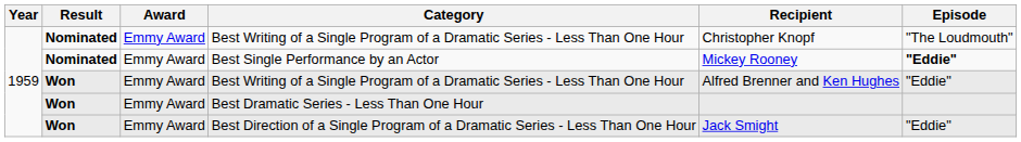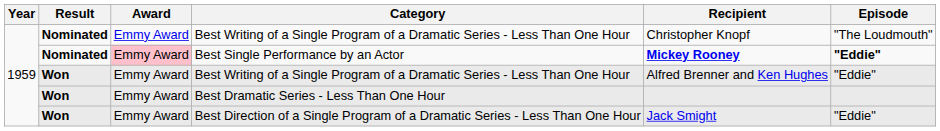 <table class="wikitable">
 <tr>
 <th>Year</th>
 <th>Result</th>
 <th>Award</th>
 <th>Category</th>
 <th>Recipient</th>
 <th>Episode</th>
 </tr>
 <tr>
 <td rowspan=5>1959</td>
 <td><strong>Nominated</strong></td>
 <td><a href='#'>Emmy Award</a></td>
 <td>Best Writing of a Single Program of a Dramatic Series - Less Than One Hour</td>
 <td>Christopher Knopf</td>
 <td>"The Loudmouth"</td>
 </tr>
 <tr>
 <td><strong>Nominated</strong></td>
-<td>Emmy Award</td>
+<td style="background: pink;">Emmy Award</td>
 <td>Best Single Performance by an Actor</td>
-<td><a href='#'>Mickey Rooney</a></td>
+<td><strong><a href='#'>Mickey Rooney</a></strong></td>
 <td><strong>"Eddie"</strong></td>
 </tr>
 <tr style="background-color: #EAEAEA;" |>
 <td><strong>Won</strong></td>
 <td>Emmy Award</td>
 <td>Best Writing of a Single Program of a Dramatic Series - Less Than One Hour</td>
 <td>Alfred Brenner and <a href='#'>Ken Hughes</a></td>
 <td>"Eddie"</td>
 </tr>
 <tr style="background-color: #EAEAEA;" |>
 <td><strong>Won</strong></td>
 <td>Emmy Award</td>
 <td>Best Dramatic Series - Less Than One Hour</td>
 <td></td>
 <td></td>
 </tr>
 <tr style="background-color: #EAEAEA;" |>
 <td><strong>Won</strong></td>
 <td>Emmy Award</td>
 <td>Best Direction of a Single Program of a Dramatic Series - Less Than One Hour</td>
 <td><a href='#'>Jack Smight</a></td>
 <td>"Eddie"</td>
 </tr>
 </table>
